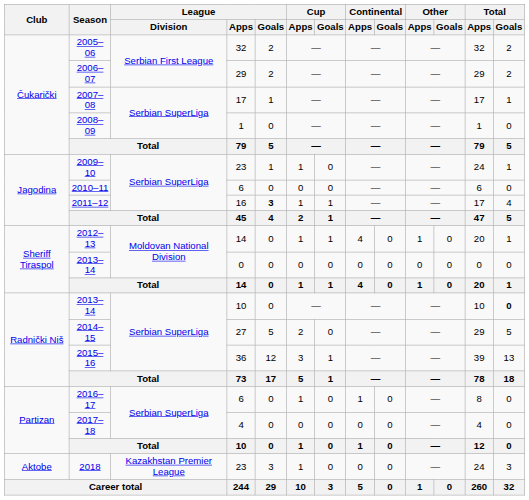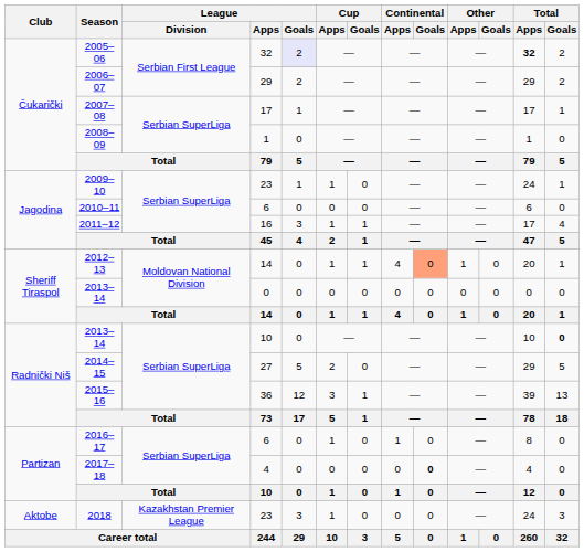 <table class="wikitable" style="text-align:center">
 <tr>
 <th rowspan="2">Club</th>
 <th rowspan="2">Season</th>
 <th colspan="3">League</th>
 <th colspan="2">Cup</th>
 <th colspan="2">Continental</th>
 <th colspan="2">Other</th>
 <th colspan="2">Total</th>
 </tr>
 <tr>
 <th>Division</th>
 <th>Apps</th>
 <th>Goals</th>
 <th>Apps</th>
 <th>Goals</th>
 <th>Apps</th>
 <th>Goals</th>
 <th>Apps</th>
 <th>Goals</th>
 <th>Apps</th>
 <th>Goals</th>
 </tr>
 <tr>
 <td rowspan="5"><a href='#'>Čukarički</a></td>
 <td><a href='#'>2005–06</a></td>
 <td rowspan=2><a href='#'>Serbian First League</a></td>
 <td>32</td>
-<td>2</td>
+<td style="background: lavender;">2</td>
 <td colspan="2">—</td>
 <td colspan="2">—</td>
 <td colspan="2">—</td>
-<td>32</td>
+<td><strong>32</strong></td>
 <td>2</td>
 </tr>
 <tr>
 <td><a href='#'>2006–07</a></td>
 <td>29</td>
 <td>2</td>
 <td colspan="2">—</td>
 <td colspan="2">—</td>
 <td colspan="2">—</td>
 <td>29</td>
 <td>2</td>
 </tr>
 <tr>
 <td><a href='#'>2007–08</a></td>
 <td rowspan=2><a href='#'>Serbian SuperLiga</a></td>
 <td>17</td>
 <td>1</td>
 <td colspan="2">—</td>
 <td colspan="2">—</td>
 <td colspan="2">—</td>
 <td>17</td>
 <td>1</td>
 </tr>
 <tr>
 <td><a href='#'>2008–09</a></td>
 <td>1</td>
 <td>0</td>
 <td colspan="2">—</td>
 <td colspan="2">—</td>
 <td colspan="2">—</td>
 <td>1</td>
 <td>0</td>
 </tr>
 <tr>
 <th colspan="2">Total</th>
 <th>79</th>
 <th>5</th>
 <th colspan="2">—</th>
 <th colspan="2">—</th>
 <th colspan="2">—</th>
 <th>79</th>
 <th>5</th>
 </tr>
 <tr>
 <td rowspan="4"><a href='#'>Jagodina</a></td>
 <td><a href='#'>2009–10</a></td>
 <td rowspan=3><a href='#'>Serbian SuperLiga</a></td>
 <td>23</td>
 <td>1</td>
 <td>1</td>
 <td>0</td>
 <td colspan="2">—</td>
 <td colspan="2">—</td>
 <td>24</td>
 <td>1</td>
 </tr>
 <tr>
 <td><a href='#'>2010–11</a></td>
 <td>6</td>
 <td>0</td>
 <td>0</td>
 <td>0</td>
 <td colspan="2">—</td>
 <td colspan="2">—</td>
 <td>6</td>
 <td>0</td>
 </tr>
 <tr>
 <td><a href='#'>2011–12</a></td>
 <td>16</td>
-<td><strong>3</strong></td>
+<td>3</td>
 <td>1</td>
 <td>1</td>
 <td colspan="2">—</td>
 <td colspan="2">—</td>
 <td>17</td>
 <td>4</td>
 </tr>
 <tr>
 <th colspan="2">Total</th>
 <th>45</th>
 <th>4</th>
 <th>2</th>
 <th>1</th>
 <th colspan="2">—</th>
 <th colspan="2">—</th>
 <th>47</th>
 <th>5</th>
 </tr>
 <tr>
 <td rowspan="3"><a href='#'>Sheriff Tiraspol</a></td>
 <td><a href='#'>2012–13</a></td>
 <td rowspan=2><a href='#'>Moldovan National Division</a></td>
 <td>14</td>
 <td>0</td>
 <td>1</td>
 <td>1</td>
 <td>4</td>
-<td>0</td>
+<td style="background: lightsalmon;">0</td>
 <td>1</td>
 <td>0</td>
 <td>20</td>
 <td>1</td>
 </tr>
 <tr>
 <td><a href='#'>2013–14</a></td>
 <td>0</td>
 <td>0</td>
 <td>0</td>
 <td>0</td>
 <td>0</td>
 <td>0</td>
 <td>0</td>
 <td>0</td>
 <td>0</td>
 <td>0</td>
 </tr>
 <tr>
 <th colspan="2">Total</th>
 <th>14</th>
 <th>0</th>
 <th>1</th>
 <th>1</th>
 <th>4</th>
 <th>0</th>
 <th>1</th>
 <th>0</th>
 <th>20</th>
 <th>1</th>
 </tr>
 <tr>
 <td rowspan="4"><a href='#'>Radnički Niš</a></td>
 <td><a href='#'>2013–14</a></td>
 <td rowspan=3><a href='#'>Serbian SuperLiga</a></td>
 <td>10</td>
 <td>0</td>
 <td colspan="2">—</td>
 <td colspan="2">—</td>
 <td colspan="2">—</td>
 <td>10</td>
 <td><strong>0</strong></td>
 </tr>
 <tr>
 <td><a href='#'>2014–15</a></td>
 <td>27</td>
 <td>5</td>
 <td>2</td>
 <td>0</td>
 <td colspan="2">—</td>
 <td colspan="2">—</td>
 <td>29</td>
 <td>5</td>
 </tr>
 <tr>
 <td><a href='#'>2015–16</a></td>
 <td>36</td>
 <td>12</td>
 <td>3</td>
 <td>1</td>
 <td colspan="2">—</td>
 <td colspan="2">—</td>
 <td>39</td>
 <td>13</td>
 </tr>
 <tr>
 <th colspan="2">Total</th>
 <th>73</th>
 <th>17</th>
 <th>5</th>
 <th>1</th>
 <th colspan="2">—</th>
 <th colspan="2">—</th>
 <th>78</th>
 <th>18</th>
 </tr>
 <tr>
 <td rowspan="3"><a href='#'>Partizan</a></td>
 <td><a href='#'>2016–17</a></td>
 <td rowspan=2><a href='#'>Serbian SuperLiga</a></td>
 <td>6</td>
 <td>0</td>
 <td>1</td>
 <td>0</td>
 <td>1</td>
 <td>0</td>
 <td colspan="2">—</td>
 <td>8</td>
 <td>0</td>
 </tr>
 <tr>
 <td><a href='#'>2017–18</a></td>
 <td>4</td>
 <td>0</td>
 <td>0</td>
 <td>0</td>
 <td>0</td>
-<td>0</td>
+<td><strong>0</strong></td>
 <td colspan="2">—</td>
 <td>4</td>
 <td>0</td>
 </tr>
 <tr>
 <th colspan="2">Total</th>
 <th>10</th>
 <th>0</th>
 <th>1</th>
 <th>0</th>
 <th>1</th>
 <th>0</th>
 <th colspan="2">—</th>
 <th>12</th>
 <th>0</th>
 </tr>
 <tr>
 <td><a href='#'>Aktobe</a></td>
 <td><a href='#'>2018</a></td>
 <td><a href='#'>Kazakhstan Premier League</a></td>
 <td>23</td>
 <td>3</td>
 <td>1</td>
 <td>0</td>
 <td>0</td>
 <td>0</td>
 <td colspan="2">—</td>
 <td>24</td>
 <td>3</td>
 </tr>
 <tr>
 <th colspan="3">Career total</th>
 <th>244</th>
 <th>29</th>
 <th>10</th>
 <th>3</th>
 <th>5</th>
 <th>0</th>
 <th>1</th>
 <th>0</th>
 <th>260</th>
 <th>32</th>
 </tr>
 </table>
